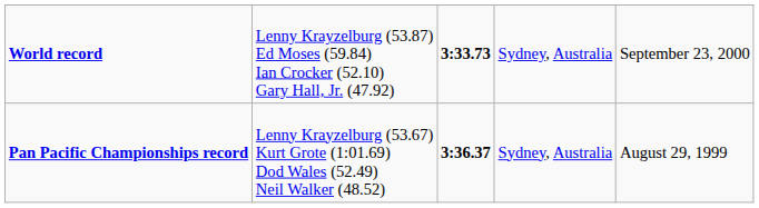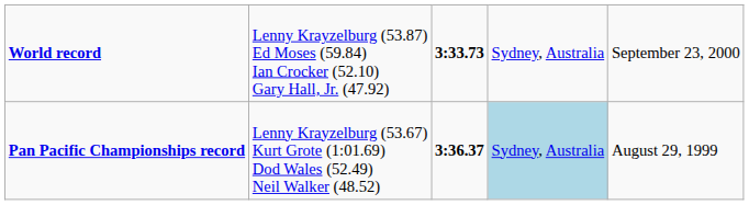 <table class="wikitable">
 <tr>
 <td><strong><a href='#'>World record</a></strong></td>
 <td><br><a href='#'>Lenny Krayzelburg</a> (53.87)<br><a href='#'>Ed Moses</a> (59.84)<br><a href='#'>Ian Crocker</a> (52.10)<br><a href='#'>Gary Hall, Jr.</a> (47.92)</td>
 <td><strong>3:33.73</strong></td>
 <td><a href='#'>Sydney</a>, <a href='#'>Australia</a></td>
 <td>September 23, 2000</td>
 </tr>
 <tr>
 <td><strong><a href='#'>Pan Pacific Championships record</a></strong></td>
 <td><br><a href='#'>Lenny Krayzelburg</a> (53.67)<br><a href='#'>Kurt Grote</a> (1:01.69)<br><a href='#'>Dod Wales</a> (52.49)<br><a href='#'>Neil Walker</a> (48.52)</td>
 <td><strong>3:36.37</strong></td>
-<td><a href='#'>Sydney</a>, <a href='#'>Australia</a></td>
+<td style="background: lightblue;"><a href='#'>Sydney</a>, <a href='#'>Australia</a></td>
 <td>August 29, 1999</td>
 </tr>
 </table>
